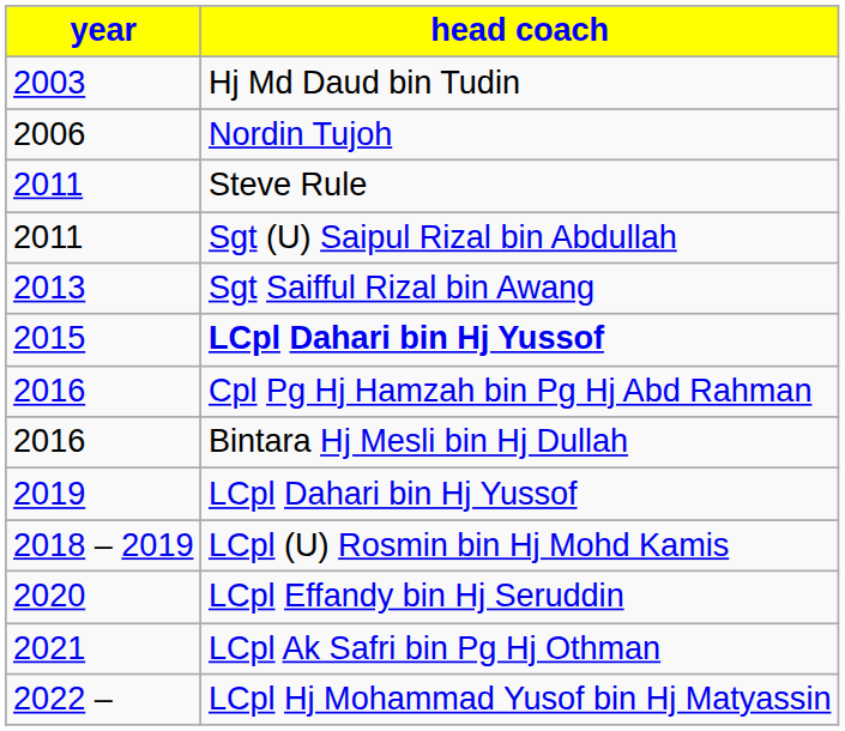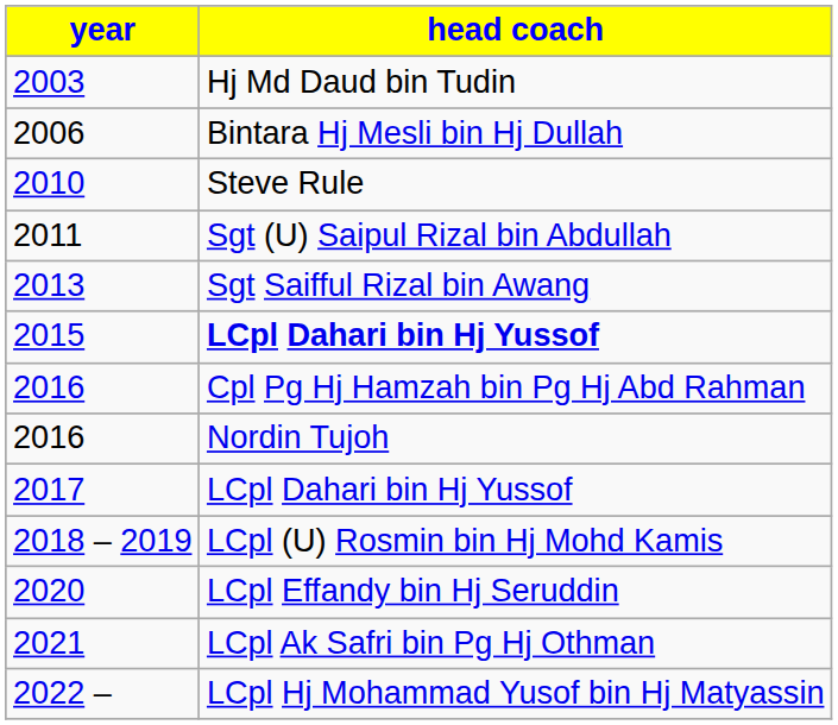 <table class="wikitable sortable">
 <tr>
 <th style="background:yellow; color:blue">year</th>
 <th style="background:yellow; color:blue">head coach</th>
 </tr>
 <tr>
 <td><a href='#'>2003</a></td>
 <td>Hj Md Daud bin Tudin</td>
 </tr>
 <tr>
 <td>2006</td>
-<td><a href='#'>Nordin Tujoh</a></td>
+<td>Bintara <a href='#'>Hj Mesli bin Hj Dullah</a></td>
 </tr>
 <tr>
-<td><a href='#'>2011</a></td>
+<td><a href='#'>2010</a></td>
 <td>Steve Rule</td>
 </tr>
 <tr>
 <td>2011</td>
 <td><a href='#'>Sgt</a> (U) <a href='#'>Saipul Rizal bin Abdullah</a></td>
 </tr>
 <tr>
 <td><a href='#'>2013</a></td>
 <td><a href='#'>Sgt</a> <a href='#'>Saifful Rizal bin Awang</a></td>
 </tr>
 <tr>
 <td><a href='#'>2015</a></td>
 <td><strong><a href='#'>LCpl</a> <a href='#'>Dahari bin Hj Yussof</a></strong></td>
 </tr>
 <tr>
 <td><a href='#'>2016</a></td>
 <td><a href='#'>Cpl</a> <a href='#'>Pg Hj Hamzah bin Pg Hj Abd Rahman</a></td>
 </tr>
 <tr>
 <td>2016</td>
-<td>Bintara <a href='#'>Hj Mesli bin Hj Dullah</a></td>
+<td><a href='#'>Nordin Tujoh</a></td>
 </tr>
 <tr>
-<td><a href='#'>2019</a></td>
+<td><a href='#'>2017</a></td>
 <td><a href='#'>LCpl</a> <a href='#'>Dahari bin Hj Yussof</a></td>
 </tr>
 <tr>
 <td><a href='#'>2018</a> – <a href='#'>2019</a></td>
 <td><a href='#'>LCpl</a> (U) <a href='#'>Rosmin bin Hj Mohd Kamis</a></td>
 </tr>
 <tr>
 <td><a href='#'>2020</a></td>
 <td><a href='#'>LCpl</a> <a href='#'>Effandy bin Hj Seruddin</a></td>
 </tr>
 <tr>
 <td><a href='#'>2021</a></td>
 <td><a href='#'>LCpl</a> <a href='#'>Ak Safri bin Pg Hj Othman</a></td>
 </tr>
 <tr>
 <td><a href='#'>2022</a> –</td>
 <td><a href='#'>LCpl</a> <a href='#'>Hj Mohammad Yusof bin Hj Matyassin</a></td>
 </tr>
 </table>
